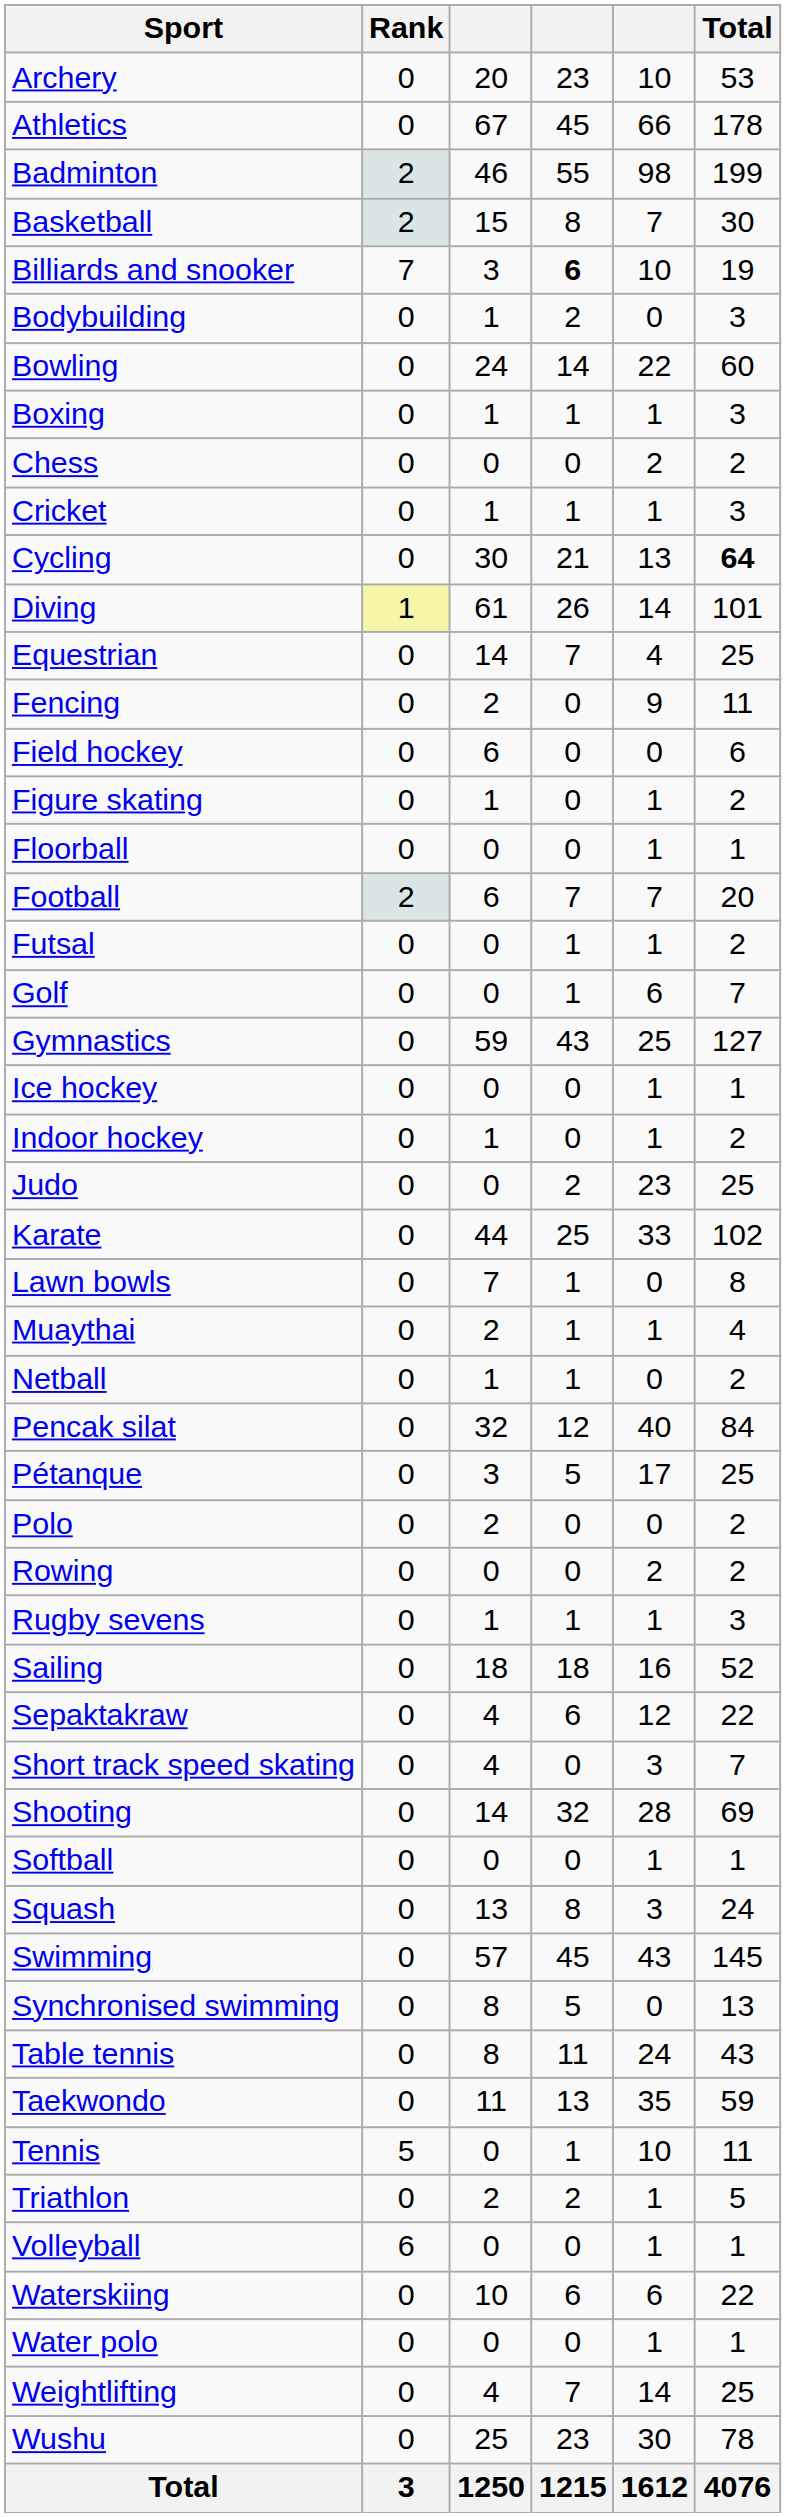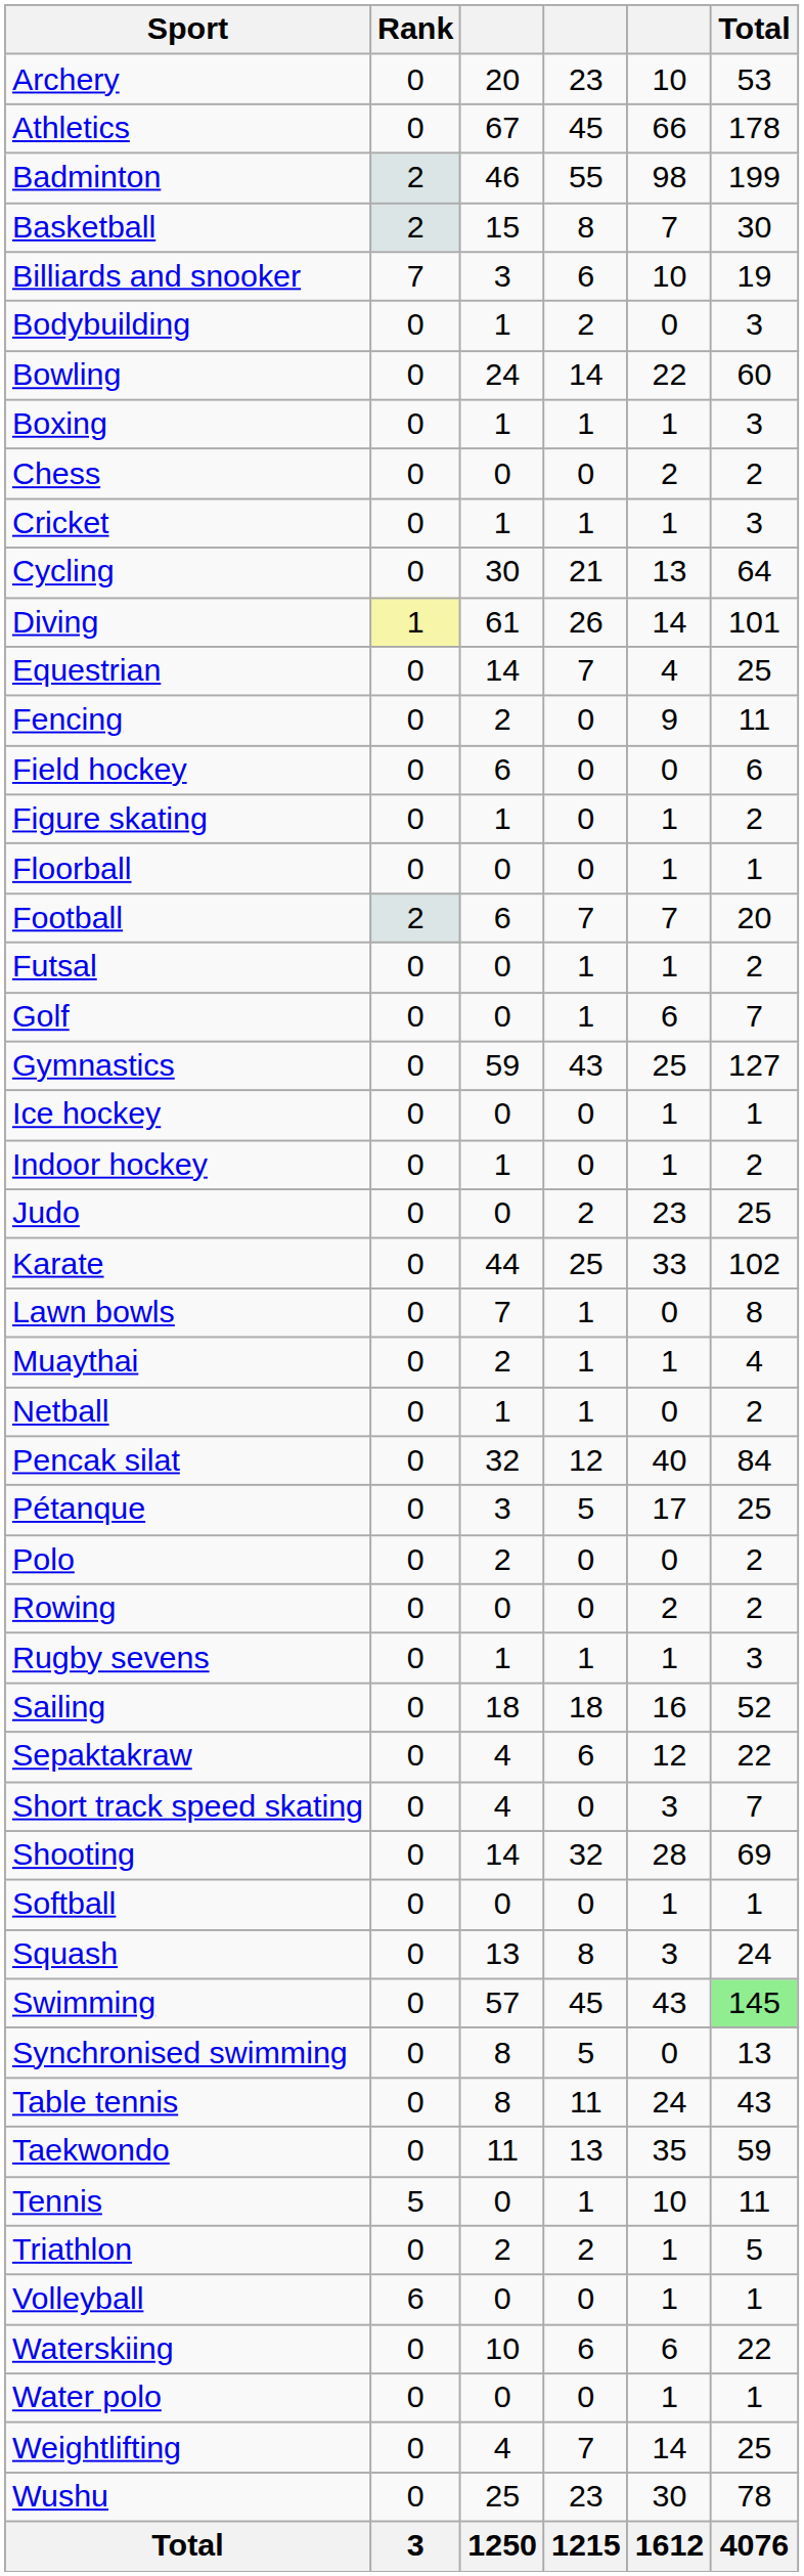 <table class="wikitable sortable" style="margin-top:0em; text-align:center; font-size:100%;">
 <tr>
 <th>Sport</th>
 <th style="width:2em;">Rank</th>
 <th style="width:2em;"></th>
 <th style="width:2em;"></th>
 <th style="width:2em;"></th>
 <th style="width:2em;">Total</th>
 </tr>
 <tr>
 <td align=left><a href='#'>Archery</a></td>
 <td>0</td>
 <td>20</td>
 <td>23</td>
 <td>10</td>
 <td>53</td>
 </tr>
 <tr>
 <td align=left><a href='#'>Athletics</a></td>
 <td>0</td>
 <td>67</td>
 <td>45</td>
 <td>66</td>
 <td>178</td>
 </tr>
 <tr>
 <td align=left><a href='#'>Badminton</a></td>
 <td bgcolor=dce5e5>2</td>
 <td>46</td>
 <td>55</td>
 <td>98</td>
 <td>199</td>
 </tr>
 <tr>
 <td align=left><a href='#'>Basketball</a></td>
 <td bgcolor=dce5e5>2</td>
 <td>15</td>
 <td>8</td>
 <td>7</td>
 <td>30</td>
 </tr>
 <tr>
 <td align=left><a href='#'>Billiards and snooker</a></td>
 <td>7</td>
 <td>3</td>
-<td><strong>6</strong></td>
+<td>6</td>
 <td>10</td>
 <td>19</td>
 </tr>
 <tr>
 <td align=left><a href='#'>Bodybuilding</a></td>
 <td>0</td>
 <td>1</td>
 <td>2</td>
 <td>0</td>
 <td>3</td>
 </tr>
 <tr>
 <td align=left><a href='#'>Bowling</a></td>
 <td>0</td>
 <td>24</td>
 <td>14</td>
 <td>22</td>
 <td>60</td>
 </tr>
 <tr>
 <td align=left><a href='#'>Boxing</a></td>
 <td>0</td>
 <td>1</td>
 <td>1</td>
 <td>1</td>
 <td>3</td>
 </tr>
 <tr>
 <td align=left><a href='#'>Chess</a></td>
 <td>0</td>
 <td>0</td>
 <td>0</td>
 <td>2</td>
 <td>2</td>
 </tr>
 <tr>
 <td align=left><a href='#'>Cricket</a></td>
 <td>0</td>
 <td>1</td>
 <td>1</td>
 <td>1</td>
 <td>3</td>
 </tr>
 <tr>
 <td align=left><a href='#'>Cycling</a></td>
 <td>0</td>
 <td>30</td>
 <td>21</td>
 <td>13</td>
-<td><strong>64</strong></td>
+<td>64</td>
 </tr>
 <tr>
 <td align=left><a href='#'>Diving</a></td>
 <td bgcolor=f7f6a8>1</td>
 <td>61</td>
 <td>26</td>
 <td>14</td>
 <td>101</td>
 </tr>
 <tr>
 <td align=left><a href='#'>Equestrian</a></td>
 <td>0</td>
 <td>14</td>
 <td>7</td>
 <td>4</td>
 <td>25</td>
 </tr>
 <tr>
 <td align=left><a href='#'>Fencing</a></td>
 <td>0</td>
 <td>2</td>
 <td>0</td>
 <td>9</td>
 <td>11</td>
 </tr>
 <tr>
 <td align=left><a href='#'>Field hockey</a></td>
 <td>0</td>
 <td>6</td>
 <td>0</td>
 <td>0</td>
 <td>6</td>
 </tr>
 <tr>
 <td align=left><a href='#'>Figure skating</a></td>
 <td>0</td>
 <td>1</td>
 <td>0</td>
 <td>1</td>
 <td>2</td>
 </tr>
 <tr>
 <td align=left><a href='#'>Floorball</a></td>
 <td>0</td>
 <td>0</td>
 <td>0</td>
 <td>1</td>
 <td>1</td>
 </tr>
 <tr>
 <td align=left><a href='#'>Football</a></td>
 <td bgcolor=dce5e5>2</td>
 <td>6</td>
 <td>7</td>
 <td>7</td>
 <td>20</td>
 </tr>
 <tr>
 <td align=left><a href='#'>Futsal</a></td>
 <td>0</td>
 <td>0</td>
 <td>1</td>
 <td>1</td>
 <td>2</td>
 </tr>
 <tr>
 <td align=left><a href='#'>Golf</a></td>
 <td>0</td>
 <td>0</td>
 <td>1</td>
 <td>6</td>
 <td>7</td>
 </tr>
 <tr>
 <td align=left><a href='#'>Gymnastics</a></td>
 <td>0</td>
 <td>59</td>
 <td>43</td>
 <td>25</td>
 <td>127</td>
 </tr>
 <tr>
 <td align=left><a href='#'>Ice hockey</a></td>
 <td>0</td>
 <td>0</td>
 <td>0</td>
 <td>1</td>
 <td>1</td>
 </tr>
 <tr>
 <td align=left><a href='#'>Indoor hockey</a></td>
 <td>0</td>
 <td>1</td>
 <td>0</td>
 <td>1</td>
 <td>2</td>
 </tr>
 <tr>
 <td align=left><a href='#'>Judo</a></td>
 <td>0</td>
 <td>0</td>
 <td>2</td>
 <td>23</td>
 <td>25</td>
 </tr>
 <tr>
 <td align=left><a href='#'>Karate</a></td>
 <td>0</td>
 <td>44</td>
 <td>25</td>
 <td>33</td>
 <td>102</td>
 </tr>
 <tr>
 <td align=left><a href='#'>Lawn bowls</a></td>
 <td>0</td>
 <td>7</td>
 <td>1</td>
 <td>0</td>
 <td>8</td>
 </tr>
 <tr>
 <td align=left><a href='#'>Muaythai</a></td>
 <td>0</td>
 <td>2</td>
 <td>1</td>
 <td>1</td>
 <td>4</td>
 </tr>
 <tr>
 <td align=left><a href='#'>Netball</a></td>
 <td>0</td>
 <td>1</td>
 <td>1</td>
 <td>0</td>
 <td>2</td>
 </tr>
 <tr>
 <td align=left><a href='#'>Pencak silat</a></td>
 <td>0</td>
 <td>32</td>
 <td>12</td>
 <td>40</td>
 <td>84</td>
 </tr>
 <tr>
 <td align=left><a href='#'>Pétanque</a></td>
 <td>0</td>
 <td>3</td>
 <td>5</td>
 <td>17</td>
 <td>25</td>
 </tr>
 <tr>
 <td align=left><a href='#'>Polo</a></td>
 <td>0</td>
 <td>2</td>
 <td>0</td>
 <td>0</td>
 <td>2</td>
 </tr>
 <tr>
 <td align=left><a href='#'>Rowing</a></td>
 <td>0</td>
 <td>0</td>
 <td>0</td>
 <td>2</td>
 <td>2</td>
 </tr>
 <tr>
 <td align=left><a href='#'>Rugby sevens</a></td>
 <td>0</td>
 <td>1</td>
 <td>1</td>
 <td>1</td>
 <td>3</td>
 </tr>
 <tr>
 <td align=left><a href='#'>Sailing</a></td>
 <td>0</td>
 <td>18</td>
 <td>18</td>
 <td>16</td>
 <td>52</td>
 </tr>
 <tr>
 <td align=left><a href='#'>Sepaktakraw</a></td>
 <td>0</td>
 <td>4</td>
 <td>6</td>
 <td>12</td>
 <td>22</td>
 </tr>
 <tr>
 <td align=left><a href='#'>Short track speed skating</a></td>
 <td>0</td>
 <td>4</td>
 <td>0</td>
 <td>3</td>
 <td>7</td>
 </tr>
 <tr>
 <td align=left><a href='#'>Shooting</a></td>
 <td>0</td>
 <td>14</td>
 <td>32</td>
 <td>28</td>
 <td>69</td>
 </tr>
 <tr>
 <td align=left><a href='#'>Softball</a></td>
 <td>0</td>
 <td>0</td>
 <td>0</td>
 <td>1</td>
 <td>1</td>
 </tr>
 <tr>
 <td align=left><a href='#'>Squash</a></td>
 <td>0</td>
 <td>13</td>
 <td>8</td>
 <td>3</td>
 <td>24</td>
 </tr>
 <tr>
 <td align=left><a href='#'>Swimming</a></td>
 <td>0</td>
 <td>57</td>
 <td>45</td>
 <td>43</td>
-<td>145</td>
+<td style="background: lightgreen;">145</td>
 </tr>
 <tr>
 <td align=left><a href='#'>Synchronised swimming</a></td>
 <td>0</td>
 <td>8</td>
 <td>5</td>
 <td>0</td>
 <td>13</td>
 </tr>
 <tr>
 <td align=left><a href='#'>Table tennis</a></td>
 <td>0</td>
 <td>8</td>
 <td>11</td>
 <td>24</td>
 <td>43</td>
 </tr>
 <tr>
 <td align=left><a href='#'>Taekwondo</a></td>
 <td>0</td>
 <td>11</td>
 <td>13</td>
 <td>35</td>
 <td>59</td>
 </tr>
 <tr>
 <td align=left><a href='#'>Tennis</a></td>
 <td>5</td>
 <td>0</td>
 <td>1</td>
 <td>10</td>
 <td>11</td>
 </tr>
 <tr>
 <td align=left><a href='#'>Triathlon</a></td>
 <td>0</td>
 <td>2</td>
 <td>2</td>
 <td>1</td>
 <td>5</td>
 </tr>
 <tr>
 <td align=left><a href='#'>Volleyball</a></td>
 <td>6</td>
 <td>0</td>
 <td>0</td>
 <td>1</td>
 <td>1</td>
 </tr>
 <tr>
 <td align=left><a href='#'>Waterskiing</a></td>
 <td>0</td>
 <td>10</td>
 <td>6</td>
 <td>6</td>
 <td>22</td>
 </tr>
 <tr>
 <td align=left><a href='#'>Water polo</a></td>
 <td>0</td>
 <td>0</td>
 <td>0</td>
 <td>1</td>
 <td>1</td>
 </tr>
 <tr>
 <td align=left><a href='#'>Weightlifting</a></td>
 <td>0</td>
 <td>4</td>
 <td>7</td>
 <td>14</td>
 <td>25</td>
 </tr>
 <tr>
 <td align=left><a href='#'>Wushu</a></td>
 <td>0</td>
 <td>25</td>
 <td>23</td>
 <td>30</td>
 <td>78</td>
 </tr>
 <tr>
 <th>Total</th>
 <th>3</th>
 <th>1250</th>
 <th>1215</th>
 <th>1612</th>
 <th>4076</th>
 </tr>
 </table>
